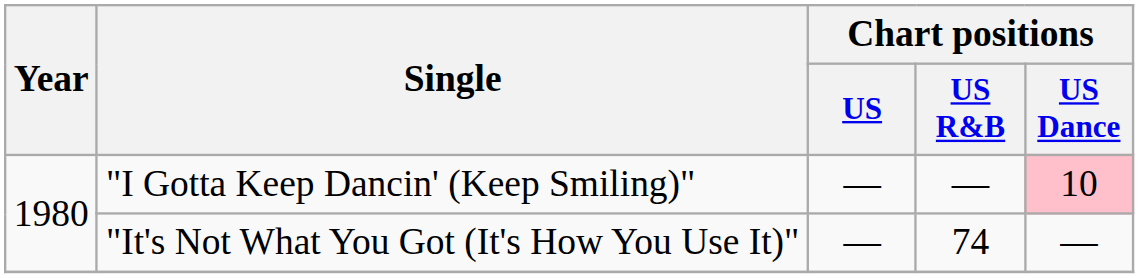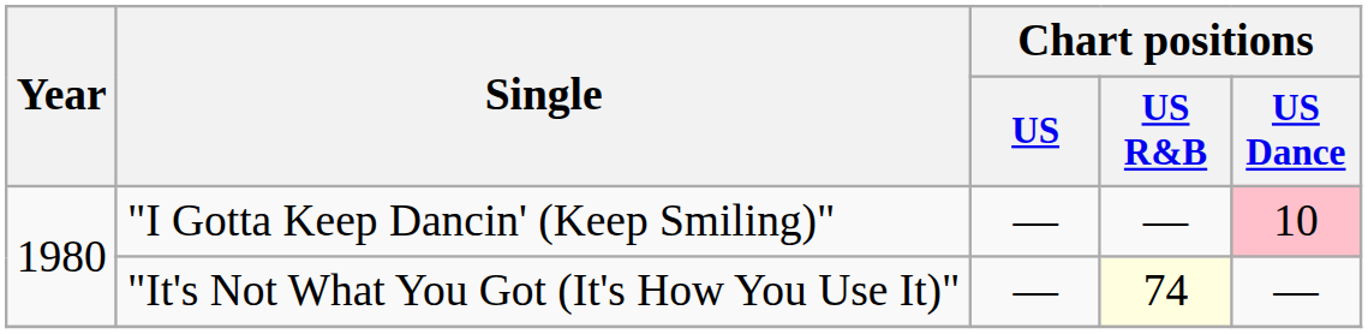 <table class="wikitable" style="text-align:center;">
 <tr>
 <th rowspan="2">Year</th>
 <th rowspan="2">Single</th>
 <th colspan="3">Chart positions</th>
 </tr>
 <tr style="font-size:smaller;">
 <th width="40"><a href='#'>US</a></th>
 <th width="40"><a href='#'>US<br>R&B</a></th>
 <th width="40"><a href='#'>US<br>Dance</a></th>
 </tr>
 <tr>
 <td rowspan="2">1980</td>
 <td align="left">"I Gotta Keep Dancin' (Keep Smiling)"</td>
 <td>—</td>
 <td>—</td>
 <td style="background: pink;">10</td>
 </tr>
 <tr>
 <td align="left">"It's Not What You Got (It's How You Use It)"</td>
 <td>—</td>
-<td>74</td>
+<td style="background: lightyellow;">74</td>
 <td>—</td>
 </tr>
 <tr>
 </tr>
 </table>
